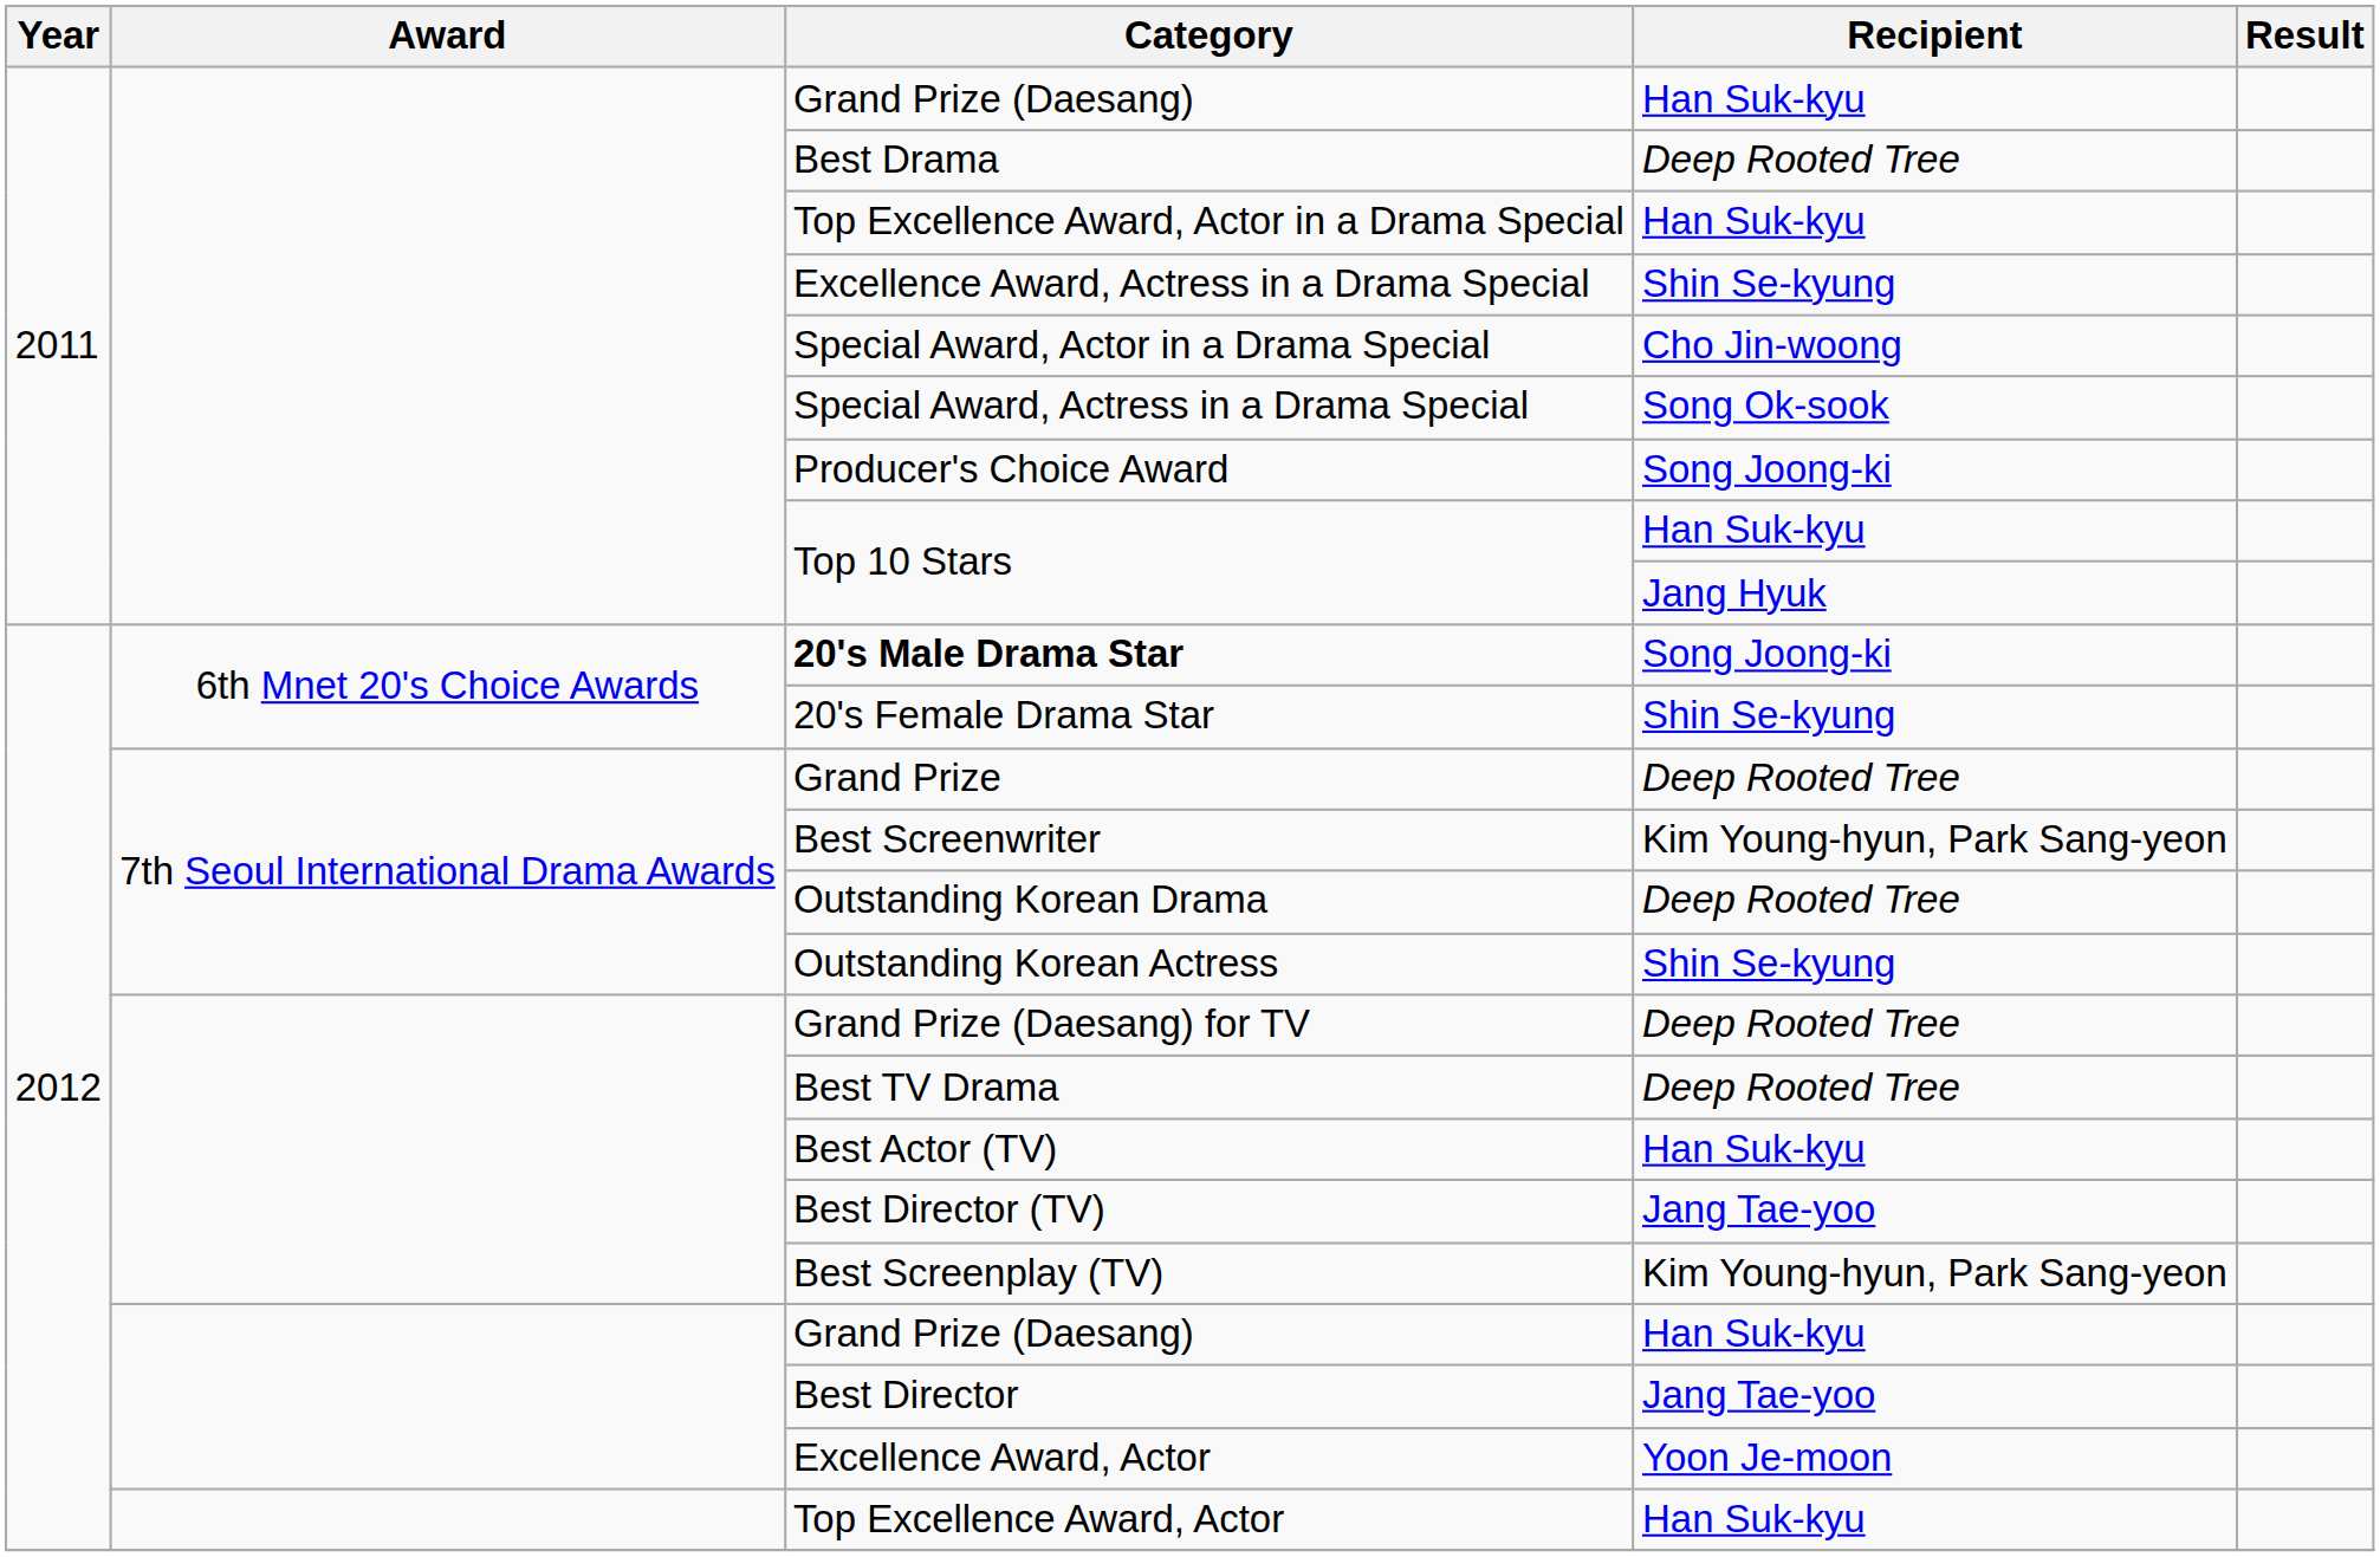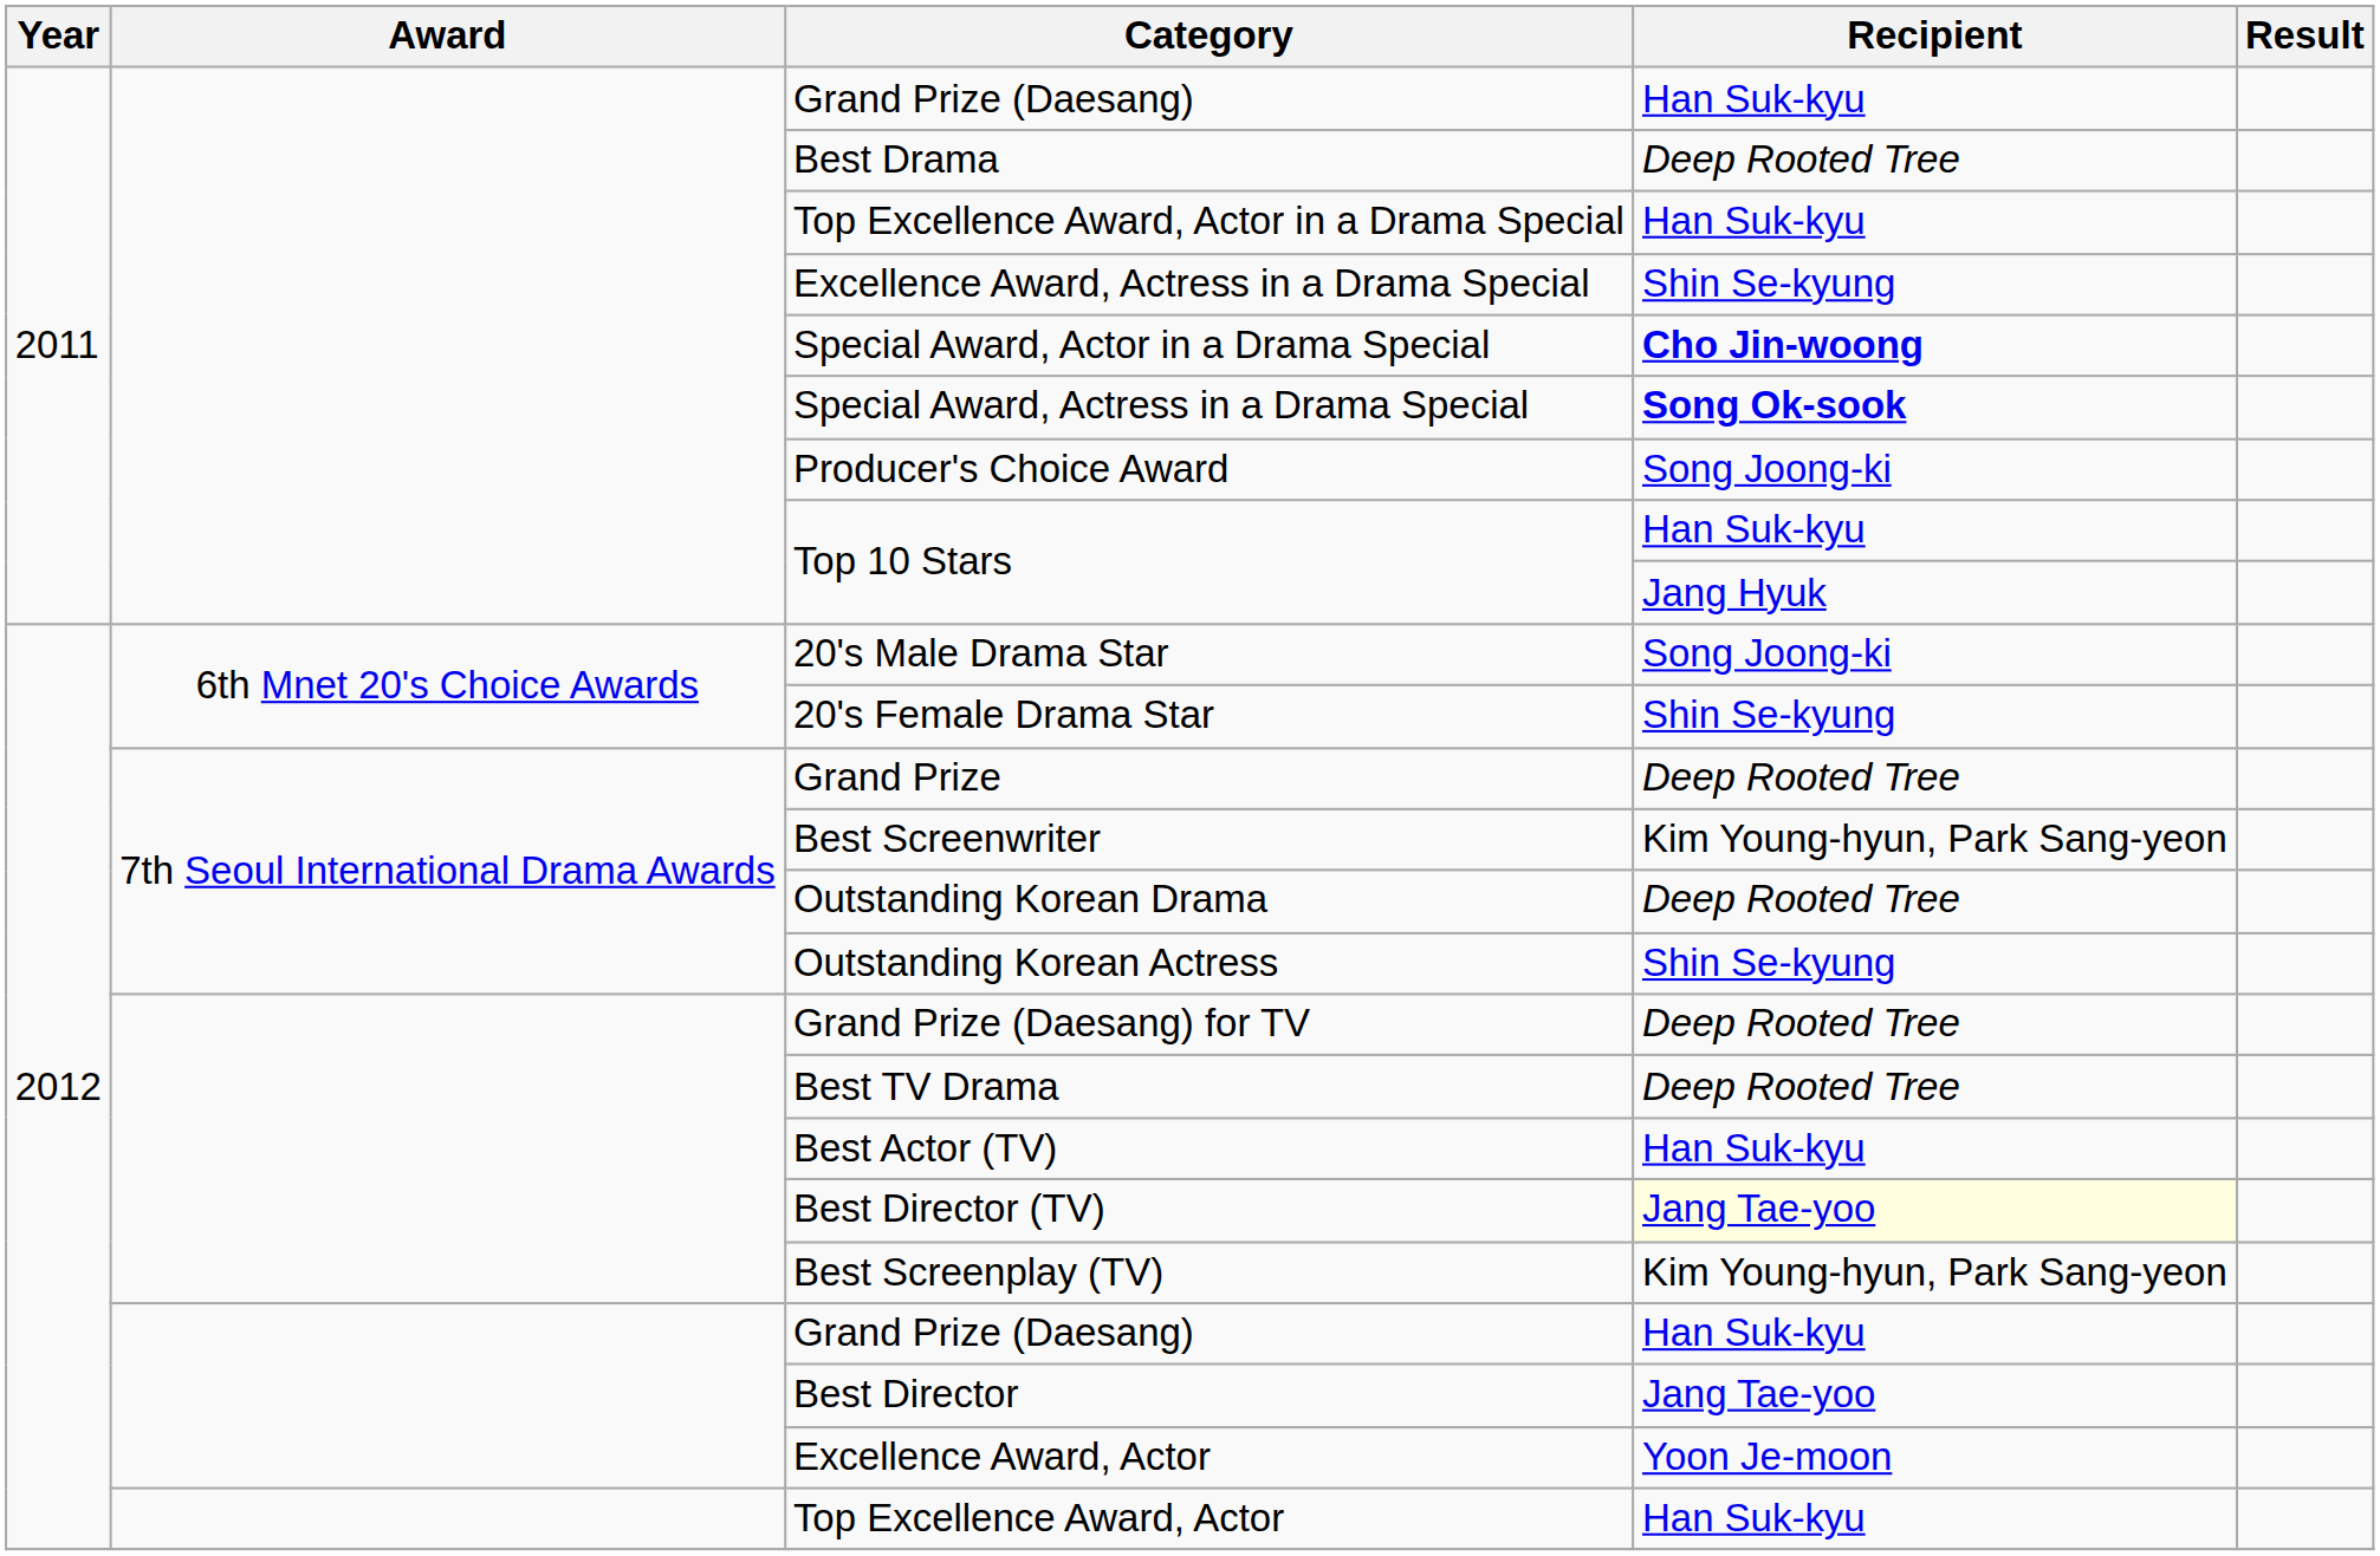 <table class="wikitable">
 <tr>
 <th>Year</th>
 <th>Award</th>
 <th>Category</th>
 <th>Recipient</th>
 <th>Result</th>
 </tr>
 <tr>
 <td rowspan=9>2011</td>
 <td rowspan=9></td>
 <td>Grand Prize (Daesang)</td>
 <td><a href='#'>Han Suk-kyu</a></td>
 <td></td>
 </tr>
 <tr>
 <td>Best Drama</td>
 <td><em>Deep Rooted Tree</em></td>
 <td></td>
 </tr>
 <tr>
 <td>Top Excellence Award, Actor in a Drama Special</td>
 <td><a href='#'>Han Suk-kyu</a></td>
 <td></td>
 </tr>
 <tr>
 <td>Excellence Award, Actress in a Drama Special</td>
 <td><a href='#'>Shin Se-kyung</a></td>
 <td></td>
 </tr>
 <tr>
 <td>Special Award, Actor in a Drama Special</td>
-<td><a href='#'>Cho Jin-woong</a></td>
+<td><strong><a href='#'>Cho Jin-woong</a></strong></td>
 <td></td>
 </tr>
 <tr>
 <td>Special Award, Actress in a Drama Special</td>
-<td><a href='#'>Song Ok-sook</a></td>
+<td><strong><a href='#'>Song Ok-sook</a></strong></td>
 <td></td>
 </tr>
 <tr>
 <td>Producer's Choice Award</td>
 <td><a href='#'>Song Joong-ki</a></td>
 <td></td>
 </tr>
 <tr>
 <td rowspan=2>Top 10 Stars</td>
 <td><a href='#'>Han Suk-kyu</a></td>
 <td></td>
 </tr>
 <tr>
 <td><a href='#'>Jang Hyuk</a></td>
 <td></td>
 </tr>
 <tr>
 <td rowspan=15>2012</td>
 <td rowspan=2 style="text-align:center;">6th <a href='#'>Mnet 20's Choice Awards</a></td>
-<td><strong>20's Male Drama Star</strong></td>
+<td>20's Male Drama Star</td>
 <td><a href='#'>Song Joong-ki</a></td>
 <td></td>
 </tr>
 <tr>
 <td>20's Female Drama Star</td>
 <td><a href='#'>Shin Se-kyung</a></td>
 <td></td>
 </tr>
 <tr>
 <td rowspan=4 style="text-align:center;">7th <a href='#'>Seoul International Drama Awards</a></td>
 <td>Grand Prize</td>
 <td><em>Deep Rooted Tree</em></td>
 <td></td>
 </tr>
 <tr>
 <td>Best Screenwriter</td>
 <td>Kim Young-hyun, Park Sang-yeon</td>
 <td></td>
 </tr>
 <tr>
 <td>Outstanding Korean Drama</td>
 <td><em>Deep Rooted Tree</em></td>
 <td></td>
 </tr>
 <tr>
 <td>Outstanding Korean Actress</td>
 <td><a href='#'>Shin Se-kyung</a></td>
 <td></td>
 </tr>
 <tr>
 <td rowspan=5></td>
 <td>Grand Prize (Daesang) for TV</td>
 <td><em>Deep Rooted Tree</em></td>
 <td></td>
 </tr>
 <tr>
 <td>Best TV Drama</td>
 <td><em>Deep Rooted Tree</em></td>
 <td></td>
 </tr>
 <tr>
 <td>Best Actor (TV)</td>
 <td><a href='#'>Han Suk-kyu</a></td>
 <td></td>
 </tr>
 <tr>
 <td>Best Director (TV)</td>
-<td><a href='#'>Jang Tae-yoo</a></td>
+<td style="background: lightyellow;"><a href='#'>Jang Tae-yoo</a></td>
 <td></td>
 </tr>
 <tr>
 <td>Best Screenplay (TV)</td>
 <td>Kim Young-hyun, Park Sang-yeon</td>
 <td></td>
 </tr>
 <tr>
 <td rowspan=3></td>
 <td>Grand Prize (Daesang)</td>
 <td><a href='#'>Han Suk-kyu</a></td>
 <td></td>
 </tr>
 <tr>
 <td>Best Director</td>
 <td><a href='#'>Jang Tae-yoo</a></td>
 <td></td>
 </tr>
 <tr>
 <td>Excellence Award, Actor</td>
 <td><a href='#'>Yoon Je-moon</a></td>
 <td></td>
 </tr>
 <tr>
 <td></td>
 <td>Top Excellence Award, Actor</td>
 <td><a href='#'>Han Suk-kyu</a></td>
 <td></td>
 </tr>
 <tr>
 </tr>
 </table>
